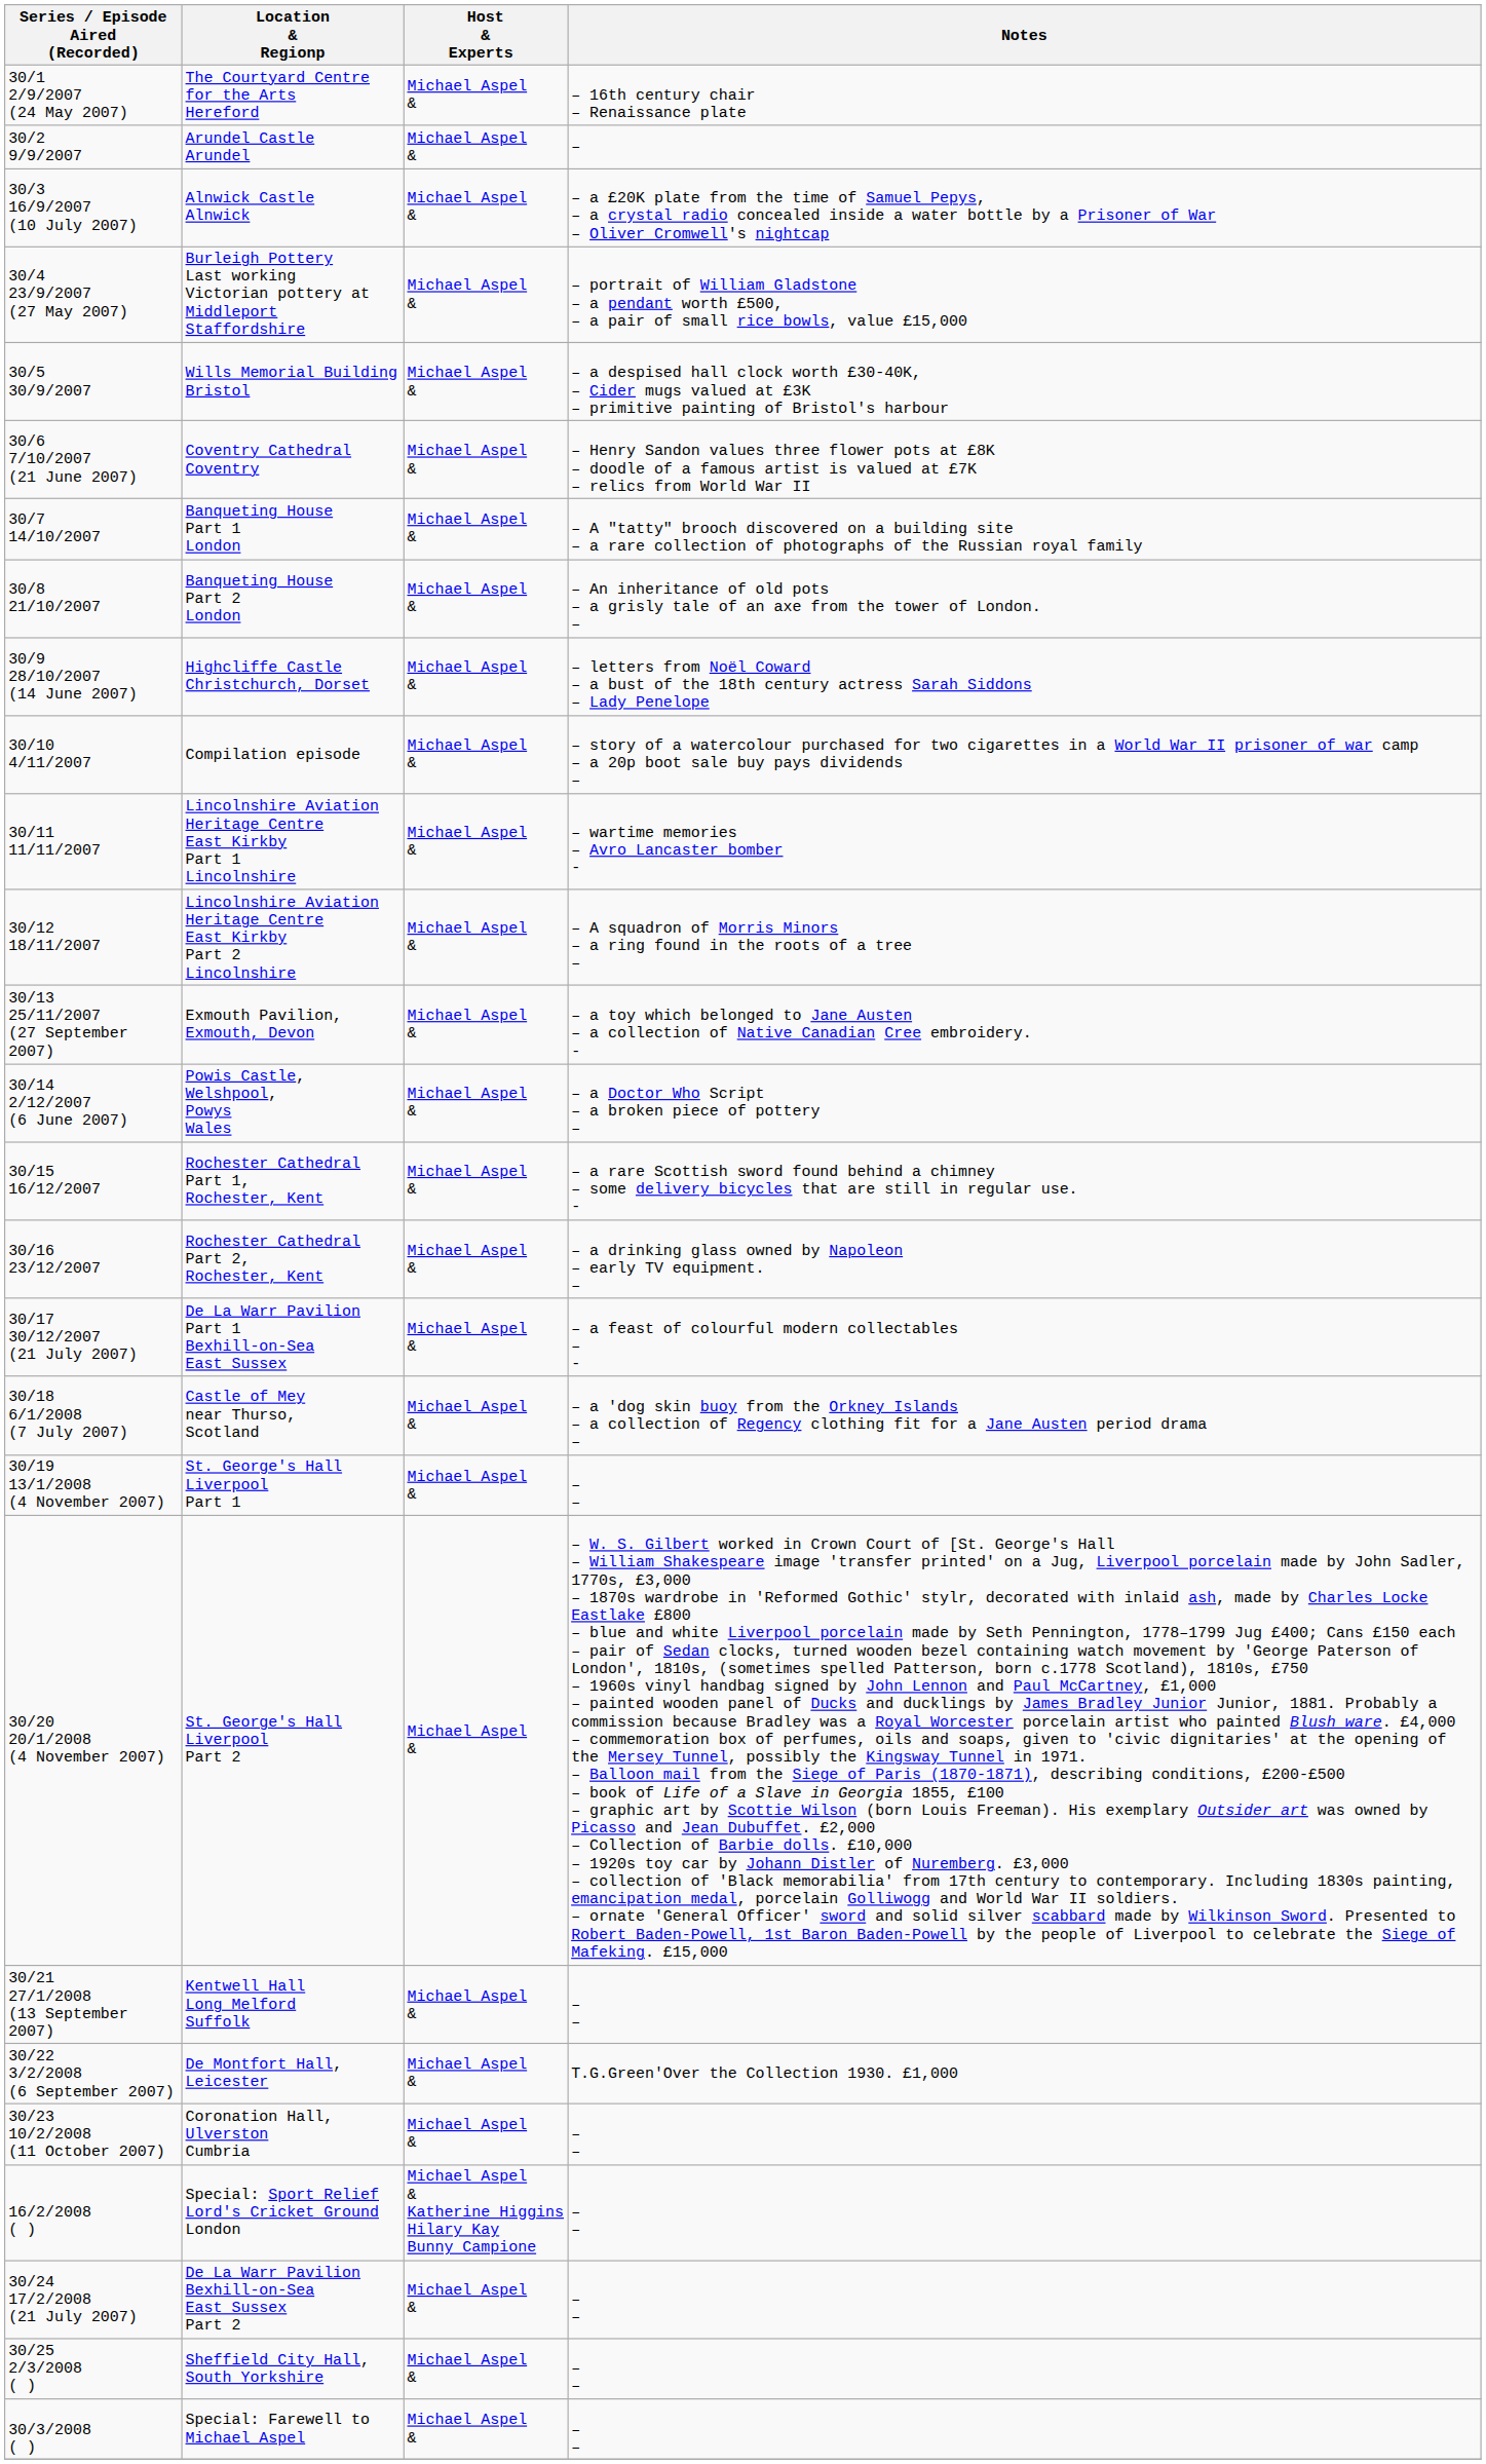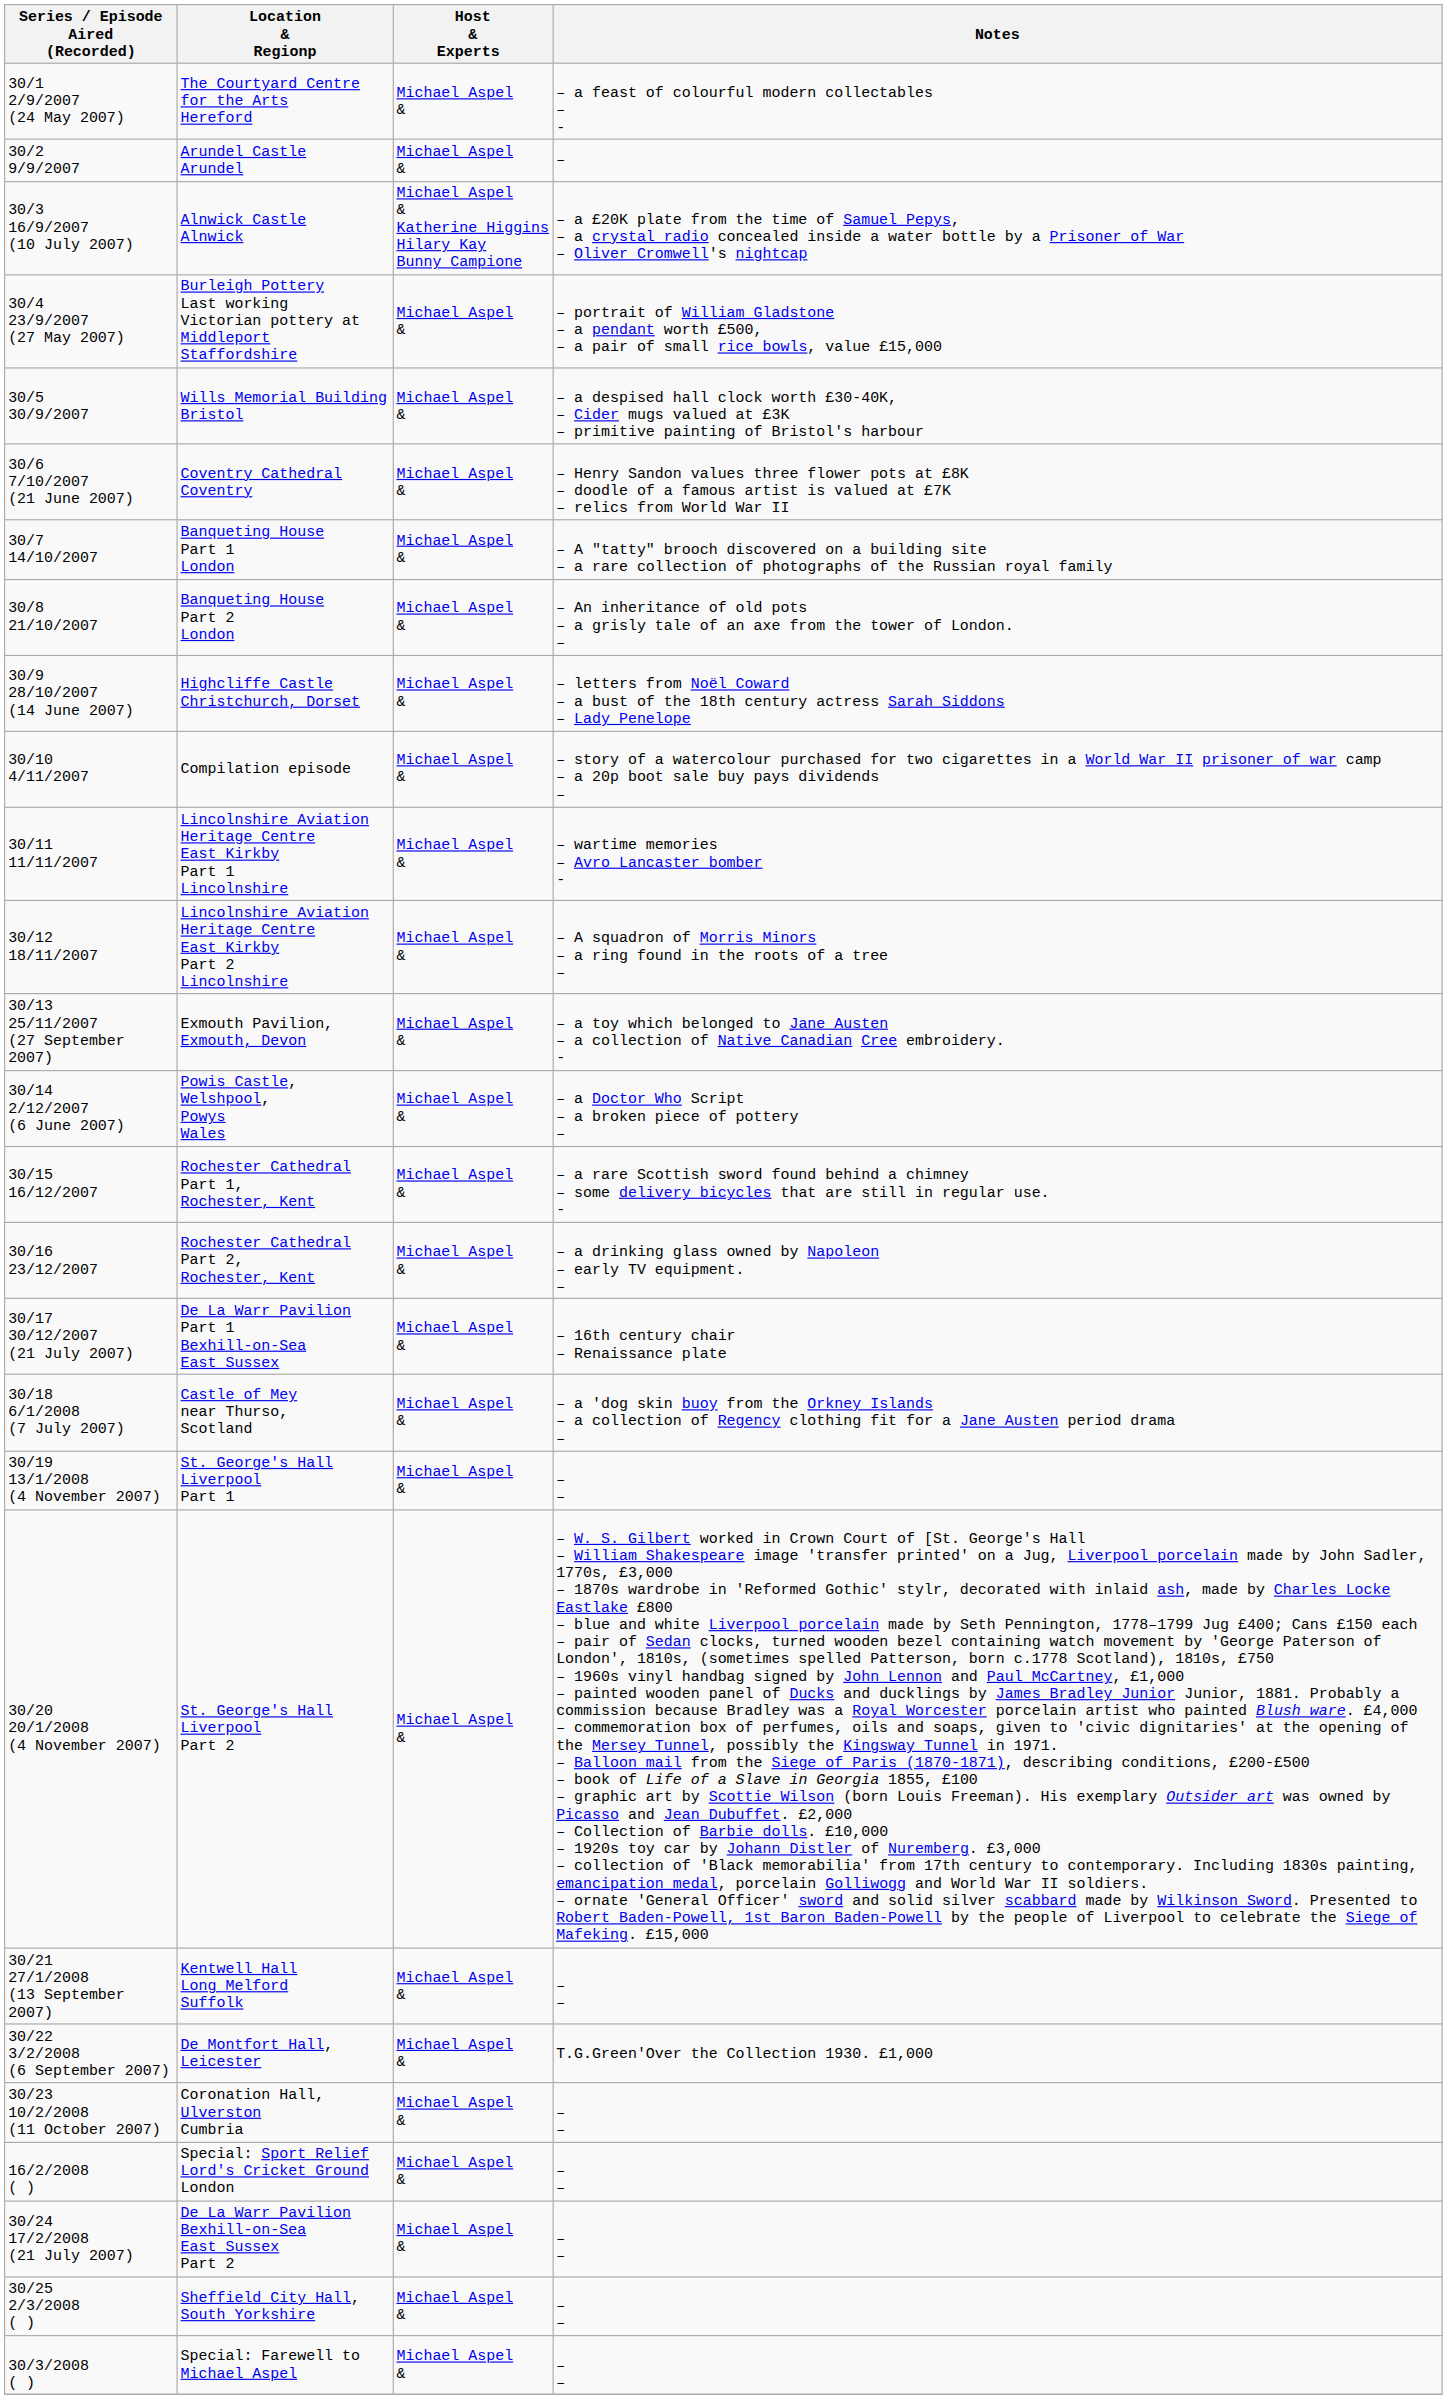 <table class="wikitable">
 <tr>
 <th> Series / Episode <br>Aired<br>(Recorded)</th>
 <th>Location<br>&<br>Regionp</th>
 <th>Host<br>&<br>    Experts     </th>
 <th>Notes</th>
 </tr>
 <tr>
 <td>30/1<br>2/9/2007<br>(24 May 2007)</td>
 <td><a href='#'>The Courtyard Centre<br>for the Arts</a> <br> <a href='#'>Hereford</a></td>
 <td><a href='#'>Michael Aspel</a> <br>&<br></td>
-<td><br>– 16th century chair<br> – Renaissance plate</td>
+<td><br>– a feast of colourful modern collectables <br> –  <br> -</td>
 </tr>
 <tr>
 <td>30/2<br>9/9/2007</td>
 <td><a href='#'>Arundel Castle</a> <br> <a href='#'>Arundel</a></td>
 <td><a href='#'>Michael Aspel</a> <br>&<br></td>
 <td>–</td>
 </tr>
 <tr>
 <td>30/3<br>16/9/2007<br>(10 July 2007)</td>
 <td><a href='#'>Alnwick Castle</a> <br> <a href='#'>Alnwick</a></td>
-<td><a href='#'>Michael Aspel</a> <br>&<br></td>
+<td><a href='#'>Michael Aspel</a> <br>&<br><a href='#'>Katherine&nbsp;Higgins</a><br><a href='#'>Hilary Kay</a><br><a href='#'>Bunny&nbsp;Campione</a><br></td>
 <td><br>– a £20K plate from the time of <a href='#'>Samuel Pepys</a>,<br> – a <a href='#'>crystal radio</a> concealed inside a water bottle by a <a href='#'>Prisoner of War</a><br> – <a href='#'>Oliver Cromwell</a>'s <a href='#'>nightcap</a></td>
 </tr>
 <tr>
 <td>30/4<br>23/9/2007<br> (27 May 2007)</td>
 <td><a href='#'>Burleigh Pottery</a><br>Last working <br>Victorian pottery at<br><a href='#'>Middleport<br>Staffordshire</a></td>
 <td><a href='#'>Michael Aspel</a> <br>&<br></td>
 <td><br>– portrait of <a href='#'>William Gladstone</a><br> – a <a href='#'>pendant</a> worth £500,<br> – a pair of small <a href='#'>rice bowls</a>, value £15,000</td>
 </tr>
 <tr>
 <td>30/5<br>30/9/2007</td>
 <td><a href='#'>Wills Memorial Building</a> <br> <a href='#'>Bristol</a></td>
 <td><a href='#'>Michael Aspel</a> <br>&<br></td>
 <td><br>– a despised hall clock worth £30-40K,<br> – <a href='#'>Cider</a> mugs valued at £3K<br> – primitive painting of Bristol's harbour</td>
 </tr>
 <tr>
 <td>30/6<br>7/10/2007<br>(21 June 2007)</td>
 <td><a href='#'>Coventry Cathedral</a> <br> <a href='#'>Coventry</a></td>
 <td><a href='#'>Michael Aspel</a> <br>&<br></td>
 <td><br>– Henry Sandon values three flower pots at £8K<br> – doodle of a famous artist is valued at £7K<br> – relics from World War II</td>
 </tr>
 <tr>
 <td>30/7<br>14/10/2007<br></td>
 <td><a href='#'>Banqueting House</a> <br>Part 1 <br> <a href='#'>London</a></td>
 <td><a href='#'>Michael Aspel</a> <br>&<br></td>
 <td><br>– A "tatty" brooch discovered on a building site<br> – a rare collection of photographs of the Russian royal family</td>
 </tr>
 <tr>
 <td>30/8<br>21/10/2007<br></td>
 <td><a href='#'>Banqueting House</a> <br>Part 2 <br> <a href='#'>London</a></td>
 <td><a href='#'>Michael Aspel</a> <br>&<br></td>
 <td><br>– An inheritance of old pots <br> – a grisly tale of an axe from the tower of London.<br> –</td>
 </tr>
 <tr>
 <td>30/9<br>28/10/2007<br>(14 June 2007)</td>
 <td><a href='#'>Highcliffe Castle</a><br> <a href='#'>Christchurch, Dorset</a></td>
 <td><a href='#'>Michael Aspel</a> <br>&<br></td>
 <td><br>– letters from <a href='#'>Noël Coward</a><br> – a bust of the 18th century actress <a href='#'>Sarah Siddons</a><br> – <a href='#'>Lady Penelope</a></td>
 </tr>
 <tr>
 <td>30/10<br>4/11/2007</td>
 <td>Compilation episode</td>
 <td><a href='#'>Michael Aspel</a> <br>&<br></td>
 <td><br>– story of a watercolour purchased for two cigarettes in a <a href='#'>World War II</a> <a href='#'>prisoner of war</a> camp<br> – a 20p boot sale buy pays dividends <br> –</td>
 </tr>
 <tr>
 <td>30/11<br>11/11/2007</td>
 <td><a href='#'>Lincolnshire Aviation Heritage Centre</a><br><a href='#'>East Kirkby</a><br> Part 1<br><a href='#'>Lincolnshire</a></td>
 <td><a href='#'>Michael Aspel</a> <br>&<br></td>
 <td><br>– wartime memories <br> – <a href='#'>Avro Lancaster bomber</a> <br> -</td>
 </tr>
 <tr>
 <td>30/12<br>18/11/2007</td>
 <td><a href='#'>Lincolnshire Aviation Heritage Centre</a><br><a href='#'>East Kirkby</a><br> Part 2<br><a href='#'>Lincolnshire</a></td>
 <td><a href='#'>Michael Aspel</a> <br>&<br></td>
 <td><br>– A squadron of <a href='#'>Morris Minors</a> <br> – a ring found in the roots of a tree <br> –</td>
 </tr>
 <tr>
 <td>30/13<br>25/11/2007<br>(27 September 2007)</td>
 <td>Exmouth Pavilion,<br> <a href='#'>Exmouth, Devon</a></td>
 <td><a href='#'>Michael Aspel</a> <br>&<br></td>
 <td><br>– a toy which belonged to <a href='#'>Jane Austen</a> <br> – a collection of <a href='#'>Native Canadian</a> <a href='#'>Cree</a> embroidery. <br> -</td>
 </tr>
 <tr>
 <td>30/14<br>2/12/2007<br>(6 June 2007)</td>
 <td><a href='#'>Powis Castle</a>, <br><a href='#'>Welshpool</a>,<br><a href='#'>Powys</a><br><a href='#'>Wales</a></td>
 <td><a href='#'>Michael Aspel</a> <br>&<br></td>
 <td><br>– a <a href='#'>Doctor Who</a> Script <br> – a broken piece of pottery <br> –</td>
 </tr>
 <tr>
 <td>30/15<br>16/12/2007<br></td>
 <td><a href='#'>Rochester Cathedral</a><br> Part 1, <br><a href='#'>Rochester, Kent</a></td>
 <td><a href='#'>Michael Aspel</a> <br>&<br></td>
 <td><br>– a rare Scottish sword found behind a chimney <br> – some <a href='#'>delivery bicycles</a> that are still in regular use. <br> -</td>
 </tr>
 <tr>
 <td>30/16<br>23/12/2007<br></td>
 <td><a href='#'>Rochester Cathedral</a><br> Part 2, <br><a href='#'>Rochester, Kent</a></td>
 <td><a href='#'>Michael Aspel</a> <br>&<br></td>
 <td><br>– a drinking glass owned by <a href='#'>Napoleon</a> <br> – early TV equipment. <br> –</td>
 </tr>
 <tr>
 <td>30/17<br>30/12/2007<br>(21 July 2007)</td>
 <td><a href='#'>De La Warr Pavilion</a><br>Part 1<br><a href='#'>Bexhill-on-Sea</a><br><a href='#'>East Sussex</a></td>
 <td><a href='#'>Michael Aspel</a> <br>&<br></td>
-<td><br>– a feast of colourful modern collectables <br> –  <br> -</td>
+<td><br>– 16th century chair<br> – Renaissance plate</td>
 </tr>
 <tr>
 <td>30/18<br>6/1/2008<br>(7 July 2007)</td>
 <td><a href='#'>Castle of Mey</a><br>near Thurso,<br>Scotland</td>
 <td><a href='#'>Michael Aspel</a> <br>&<br></td>
 <td><br>– a 'dog skin <a href='#'>buoy</a> from the <a href='#'>Orkney Islands</a> <br> – a collection of <a href='#'>Regency</a> clothing fit for a <a href='#'>Jane Austen</a> period drama <br> –</td>
 </tr>
 <tr>
 <td>30/19<br>13/1/2008<br>(4 November 2007)</td>
 <td><a href='#'>St. George's Hall<br>Liverpool</a><br>Part 1</td>
 <td><a href='#'>Michael Aspel</a> <br>&<br></td>
 <td><br>– <br> –</td>
 </tr>
 <tr>
 <td>30/20<br>20/1/2008<br>(4 November 2007)</td>
 <td><a href='#'>St. George's Hall<br>Liverpool</a><br>Part 2</td>
 <td><a href='#'>Michael Aspel</a> <br>&<br></td>
 <td><br>– <a href='#'>W. S. Gilbert</a> worked in Crown Court of [St. George's Hall<br> – <a href='#'>William Shakespeare</a> image 'transfer printed' on a Jug, <a href='#'>Liverpool porcelain</a> made by John Sadler, 1770s, £3,000<br> – 1870s wardrobe in 'Reformed Gothic' stylr, decorated with inlaid <a href='#'>ash</a>, made by <a href='#'>Charles Locke Eastlake</a> £800<br> – blue and white <a href='#'>Liverpool porcelain</a> made by Seth Pennington, 1778–1799 Jug £400; Cans £150 each<br> – pair of <a href='#'>Sedan</a> clocks, turned wooden bezel containing watch movement by 'George Paterson of London', 1810s, (sometimes spelled Patterson, born c.1778 Scotland), 1810s, £750<br> – 1960s vinyl handbag signed by <a href='#'>John Lennon</a> and <a href='#'>Paul McCartney</a>, £1,000<br> – painted wooden panel of <a href='#'>Ducks</a> and ducklings by <a href='#'>James Bradley Junior</a> Junior, 1881. Probably a commission because Bradley was a <a href='#'>Royal Worcester</a> porcelain artist who painted <em><a href='#'>Blush ware</a></em>. £4,000<br> – commemoration box of perfumes, oils and soaps, given to 'civic dignitaries' at the opening of the <a href='#'>Mersey Tunnel</a>, possibly the <a href='#'>Kingsway Tunnel</a> in 1971. <br> – <a href='#'>Balloon mail</a> from the <a href='#'>Siege of Paris (1870-1871)</a>, describing conditions, £200-£500<br> – book of <em>Life of a Slave in Georgia</em> 1855, £100<br> – graphic art by <a href='#'>Scottie Wilson</a> (born Louis Freeman). His exemplary <em><a href='#'>Outsider art</a></em> was owned by <a href='#'>Picasso</a> and <a href='#'>Jean Dubuffet</a>. £2,000<br> – Collection of <a href='#'>Barbie dolls</a>. £10,000<br> – 1920s toy car by <a href='#'>Johann Distler</a> of <a href='#'>Nuremberg</a>. £3,000<br> – collection of 'Black memorabilia' from 17th century to contemporary. Including 1830s painting, <a href='#'>emancipation medal</a>, porcelain <a href='#'>Golliwogg</a> and World War II soldiers. <br> – ornate 'General Officer' <a href='#'>sword</a> and solid silver <a href='#'>scabbard</a> made by <a href='#'>Wilkinson Sword</a>. Presented to <a href='#'>Robert Baden-Powell, 1st Baron Baden-Powell</a> by the people of Liverpool to celebrate the <a href='#'>Siege of Mafeking</a>. £15,000</td>
 </tr>
 <tr>
 <td>30/21<br>27/1/2008<br>(13 September 2007)</td>
 <td><a href='#'>Kentwell Hall</a><br><a href='#'>Long Melford</a><br><a href='#'>Suffolk</a></td>
 <td><a href='#'>Michael Aspel</a> <br>&<br></td>
 <td><br>– <br> –</td>
 </tr>
 <tr>
 <td>30/22<br>3/2/2008<br>(6 September 2007)</td>
 <td><a href='#'>De Montfort Hall</a>,<br><a href='#'>Leicester</a></td>
 <td><a href='#'>Michael Aspel</a> <br>&<br></td>
 <td>T.G.Green'Over the  Collection 1930. £1,000</td>
 </tr>
 <tr Jean Dubuffet>
 <td>30/23<br>10/2/2008<br>(11 October 2007)</td>
 <td>Coronation Hall,<br><a href='#'>Ulverston</a><br>Cumbria</td>
 <td><a href='#'>Michael Aspel</a> <br>&<br></td>
 <td><br>– <br> –</td>
 </tr>
 <tr>
 <td><br>16/2/2008<br>( )</td>
 <td>Special: <a href='#'>Sport Relief</a><br> <a href='#'>Lord's Cricket Ground</a><br> London</td>
-<td><a href='#'>Michael Aspel</a> <br>&<br><a href='#'>Katherine&nbsp;Higgins</a><br><a href='#'>Hilary Kay</a><br><a href='#'>Bunny&nbsp;Campione</a><br></td>
+<td><a href='#'>Michael Aspel</a> <br>&<br></td>
 <td><br>– <br> –</td>
 </tr>
 <tr>
 <td>30/24<br>17/2/2008<br>(21 July 2007)</td>
 <td><a href='#'>De La Warr Pavilion</a> <br><a href='#'>Bexhill-on-Sea</a><br><a href='#'>East Sussex</a><br> Part 2</td>
 <td><a href='#'>Michael Aspel</a> <br>&<br></td>
 <td><br>– <br> –</td>
 </tr>
 <tr>
 <td>30/25<br>2/3/2008<br>( )</td>
 <td><a href='#'>Sheffield City Hall</a>, <a href='#'>South Yorkshire</a></td>
 <td><a href='#'>Michael Aspel</a> <br>&<br></td>
 <td><br>– <br> –</td>
 </tr>
 <tr>
 <td><br>30/3/2008<br>( )</td>
 <td>Special: Farewell to <a href='#'>Michael Aspel</a></td>
 <td><a href='#'>Michael Aspel</a> <br>&<br></td>
 <td><br>– <br> –</td>
 </tr>
 <tr>
 </tr>
 </table>
